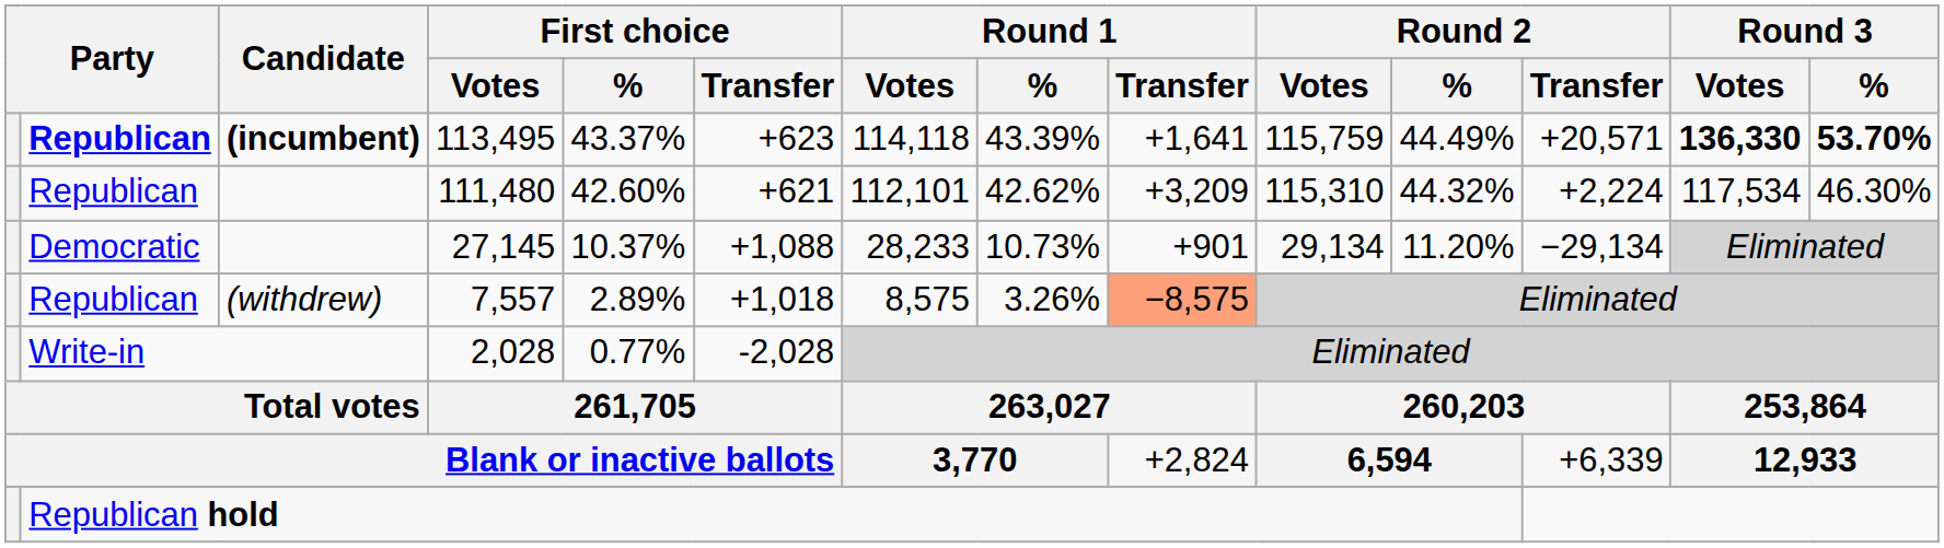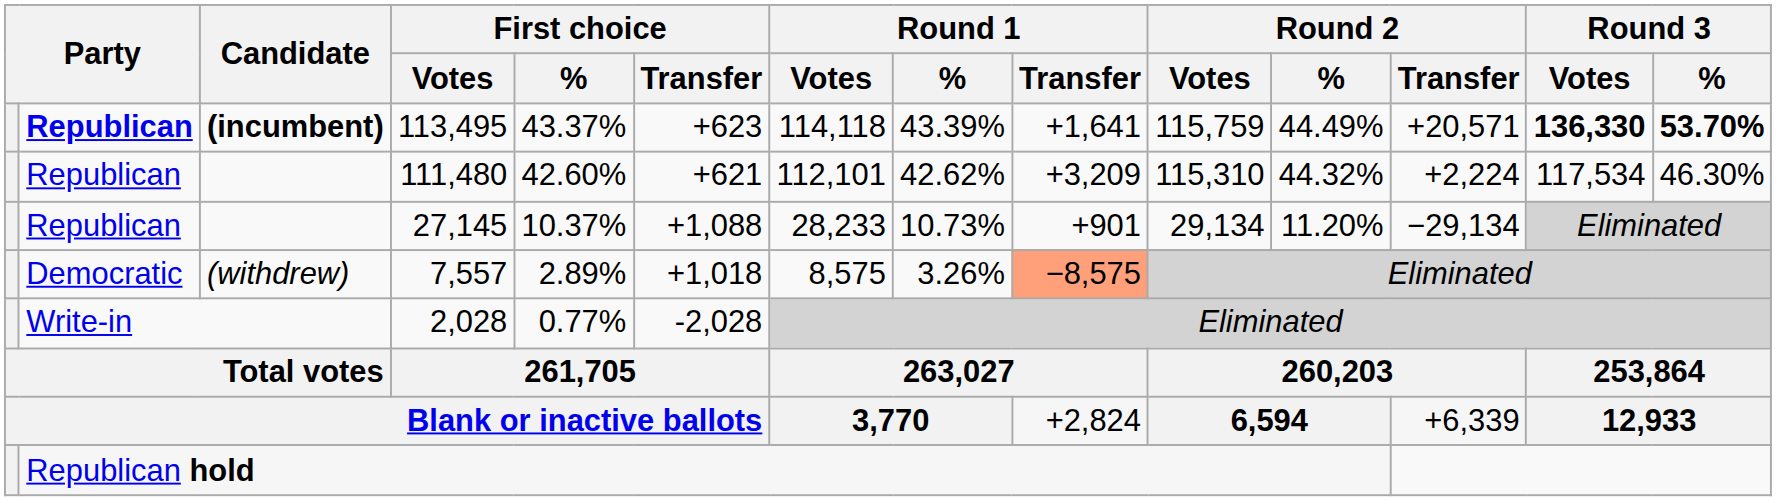 <table class="wikitable sortable" style="text-align:right">
 <tr>
 <th colspan=2 rowspan=2>Party</th>
 <th rowspan=2>Candidate</th>
 <th colspan=3>First choice</th>
 <th colspan=3>Round 1</th>
 <th colspan=3>Round 2</th>
 <th colspan=2>Round 3</th>
 </tr>
 <tr>
 <th>Votes</th>
 <th>%</th>
 <th>Transfer</th>
 <th>Votes</th>
 <th>%</th>
 <th>Transfer</th>
 <th>Votes</th>
 <th>%</th>
 <th>Transfer</th>
 <th>Votes</th>
 <th>%</th>
 </tr>
 <tr>
 <th style="background-color:"></th>
 <td style="text-align:left"><strong><a href='#'>Republican</a></strong></td>
 <td style="text-align:left" scope="row"><strong> (incumbent)</strong></td>
 <td>113,495</td>
 <td>43.37%</td>
 <td>+623</td>
 <td>114,118</td>
 <td>43.39%</td>
 <td>+1,641</td>
 <td>115,759</td>
 <td>44.49%</td>
 <td>+20,571</td>
 <td><strong>136,330</strong></td>
 <td><strong>53.70%</strong></td>
 </tr>
 <tr>
 <th style="background-color:"></th>
 <td style="text-align:left"><a href='#'>Republican</a></td>
 <td style="text-align:left" scope="row"></td>
 <td>111,480</td>
 <td>42.60%</td>
 <td>+621</td>
 <td>112,101</td>
 <td>42.62%</td>
 <td>+3,209</td>
 <td>115,310</td>
 <td>44.32%</td>
 <td>+2,224</td>
 <td>117,534</td>
 <td>46.30%</td>
 </tr>
 <tr>
 <th style="background-color:"></th>
-<td style="text-align:left"><a href='#'>Democratic</a></td>
+<td style="text-align:left"><a href='#'>Republican</a></td>
 <td style="text-align:left" scope="row"></td>
 <td>27,145</td>
 <td>10.37%</td>
 <td>+1,088</td>
 <td>28,233</td>
 <td>10.73%</td>
 <td>+901</td>
 <td>29,134</td>
 <td>11.20%</td>
 <td>−29,134</td>
 <td colspan=3 style="background:lightgrey;text-align:center;"><em>Eliminated</em></td>
 </tr>
 <tr>
 <th style="background-color:"></th>
-<td style="text-align:left"><a href='#'>Republican</a></td>
+<td style="text-align:left"><a href='#'>Democratic</a></td>
 <td style="text-align:left" scope="row"> <em>(withdrew)</em></td>
 <td>7,557</td>
 <td>2.89%</td>
 <td>+1,018</td>
 <td>8,575</td>
 <td>3.26%</td>
 <td style="background: lightsalmon;">−8,575</td>
 <td colspan=5 style="background:lightgrey;text-align:center;"><em>Eliminated</em></td>
 </tr>
 <tr>
 <th style="background-color:"></th>
 <td style="text-align:left" colspan=2><a href='#'>Write-in</a></td>
 <td>2,028</td>
 <td>0.77%</td>
 <td>-2,028</td>
 <td colspan="8" style="background:lightgrey; text-align:center;"><em>Eliminated</em></td>
 </tr>
 <tr class="sortbottom" style="background-color:#F6F6F6">
 <th colspan=3 scope="row" style="text-align:right;"><strong>Total votes</strong></th>
 <th colspan=3><strong>261,705</strong></th>
 <th colspan=3><strong>263,027</strong></th>
 <th colspan=3><strong>260,203</strong></th>
 <th colspan=2><strong>253,864</strong></th>
 </tr>
 <tr class="sortbottom" style="background-color:#F6F6F6">
 <th colspan=6 scope="row" style="text-align:right;"><a href='#'>Blank or inactive ballots</a></th>
 <th colspan=2>3,770</th>
 <td>+2,824</td>
 <th colspan=2>6,594</th>
 <td>+6,339</td>
 <th colspan=2>12,933</th>
 </tr>
 <tr class="sortbottom" style="background:#f6f6f6;">
 <th style="background-color:"></th>
 <td style="text-align:left" colspan=10><a href='#'>Republican</a> <strong>hold</strong></td>
 </tr>
 </table>
